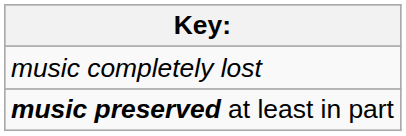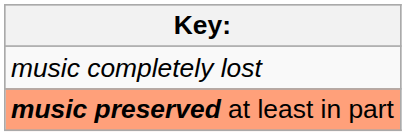 <table class="wikitable">
 <tr>
 <th>Key:</th>
 </tr>
 <tr>
 <td><em>music completely lost</em></td>
 </tr>
 <tr>
-<td><strong><em>music preserved</em></strong> at least in part</td>
+<td style="background: lightsalmon;"><strong><em>music preserved</em></strong> at least in part</td>
 </tr>
 </table>
